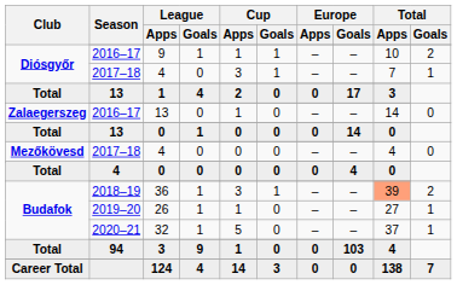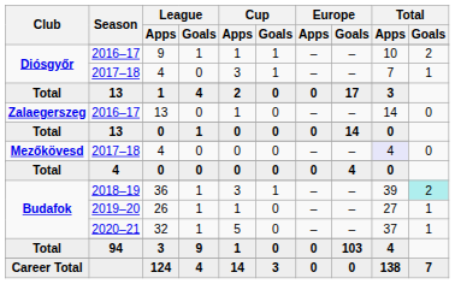 <table class="wikitable" style="font-size:90%; text-align: center;">
 <tr>
 <th rowspan="2">Club</th>
 <th rowspan="2">Season</th>
 <th colspan="2">League</th>
 <th colspan="2">Cup</th>
 <th colspan="2">Europe</th>
 <th colspan="2">Total</th>
 </tr>
 <tr>
 <th>Apps</th>
 <th>Goals</th>
 <th>Apps</th>
 <th>Goals</th>
 <th>Apps</th>
 <th>Goals</th>
 <th>Apps</th>
 <th>Goals</th>
 </tr>
 <tr ||-||-||-|->
 <td rowspan="4" valign="center"><strong><a href='#'>Diósgyőr</a></strong></td>
 </tr>
 <tr>
 <td><a href='#'>2016–17</a></td>
 <td>9</td>
 <td>1</td>
 <td>1</td>
 <td>1</td>
 <td>–</td>
 <td>–</td>
 <td>10</td>
 <td>2</td>
 </tr>
 <tr>
 <td><a href='#'>2017–18</a></td>
 <td>4</td>
 <td>0</td>
 <td>3</td>
 <td>1</td>
 <td>–</td>
 <td>–</td>
 <td>7</td>
 <td>1</td>
 </tr>
 <tr>
 </tr>
 <tr style="font-weight:bold; background-color:#eeeeee;">
 <td>Total</td>
 <td>13</td>
 <td>1</td>
 <td>4</td>
 <td>2</td>
 <td>0</td>
 <td>0</td>
 <td>17</td>
 <td>3</td>
 </tr>
 <tr>
 <td rowspan="3" valign="center"><strong><a href='#'>Zalaegerszeg</a></strong></td>
 </tr>
 <tr>
 <td><a href='#'>2016–17</a></td>
 <td>13</td>
 <td>0</td>
 <td>1</td>
 <td>0</td>
 <td>–</td>
 <td>–</td>
 <td>14</td>
 <td>0</td>
 </tr>
 <tr>
 </tr>
 <tr style="font-weight:bold; background-color:#eeeeee;">
 <td>Total</td>
 <td>13</td>
 <td>0</td>
 <td>1</td>
 <td>0</td>
 <td>0</td>
 <td>0</td>
 <td>14</td>
 <td>0</td>
 </tr>
 <tr>
 <td rowspan="3" valign="center"><strong><a href='#'>Mezőkövesd</a></strong></td>
 </tr>
 <tr>
 <td><a href='#'>2017–18</a></td>
 <td>4</td>
 <td>0</td>
 <td>0</td>
 <td>0</td>
 <td>–</td>
 <td>–</td>
-<td>4</td>
+<td style="background: lavender;">4</td>
 <td>0</td>
 </tr>
 <tr>
 </tr>
 <tr style="font-weight:bold; background-color:#eeeeee;">
 <td>Total</td>
 <td>4</td>
 <td>0</td>
 <td>0</td>
 <td>0</td>
 <td>0</td>
 <td>0</td>
 <td>4</td>
 <td>0</td>
 </tr>
 <tr>
 <td rowspan="5" valign="center"><strong><a href='#'>Budafok</a></strong></td>
 </tr>
 <tr>
 <td><a href='#'>2018–19</a></td>
 <td>36</td>
 <td>1</td>
 <td>3</td>
 <td>1</td>
 <td>–</td>
 <td>–</td>
-<td style="background: lightsalmon;">39</td>
-<td>2</td>
+<td>39</td>
+<td style="background: paleturquoise;">2</td>
 </tr>
 <tr>
 <td><a href='#'>2019–20</a></td>
 <td>26</td>
 <td>1</td>
 <td>1</td>
 <td>0</td>
 <td>–</td>
 <td>–</td>
 <td>27</td>
 <td>1</td>
 </tr>
 <tr>
 <td><a href='#'>2020–21</a></td>
 <td>32</td>
 <td>1</td>
 <td>5</td>
 <td>0</td>
 <td>–</td>
 <td>–</td>
 <td>37</td>
 <td>1</td>
 </tr>
 <tr>
 </tr>
 <tr style="font-weight:bold; background-color:#eeeeee;">
 <td>Total</td>
 <td>94</td>
 <td>3</td>
 <td>9</td>
 <td>1</td>
 <td>0</td>
 <td>0</td>
 <td>103</td>
 <td>4</td>
 </tr>
 <tr>
 </tr>
 <tr style="font-weight:bold; background-color:#eeeeee;">
 <td rowspan="2" valign="top"><strong>Career Total</strong></td>
 <td></td>
 <td><strong>124</strong></td>
 <td><strong>4</strong></td>
 <td><strong>14</strong></td>
 <td><strong>3</strong></td>
 <td><strong>0</strong></td>
 <td><strong>0</strong></td>
 <td><strong>138</strong></td>
 <td><strong>7</strong></td>
 </tr>
 </table>
